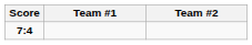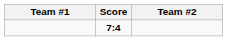 <table class="wikitable" style="text-align:center;">
 <tr>
+<th width=140>Team #1</th>
 <th width=50>Score</th>
-<th width=140>Team #1</th>
 <th width=140>Team #2</th>
 </tr>
 <tr>
+<td style="text-align:right;"></td>
 <td><strong>7:4</strong></td>
-<td style="text-align:right;"></td>
 <td style="text-align:left;"></td>
 </tr>
 </table>
